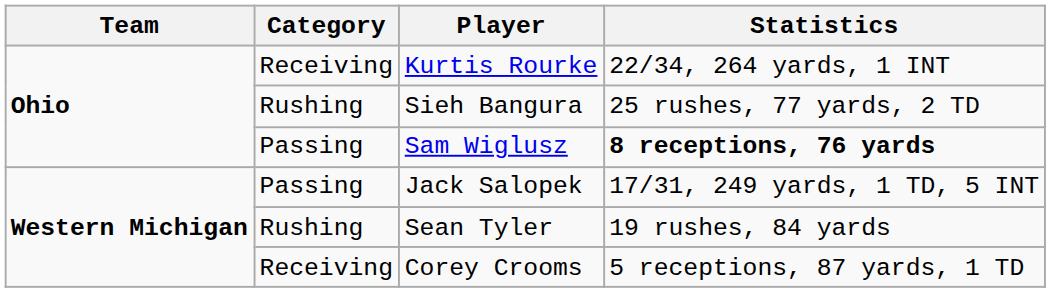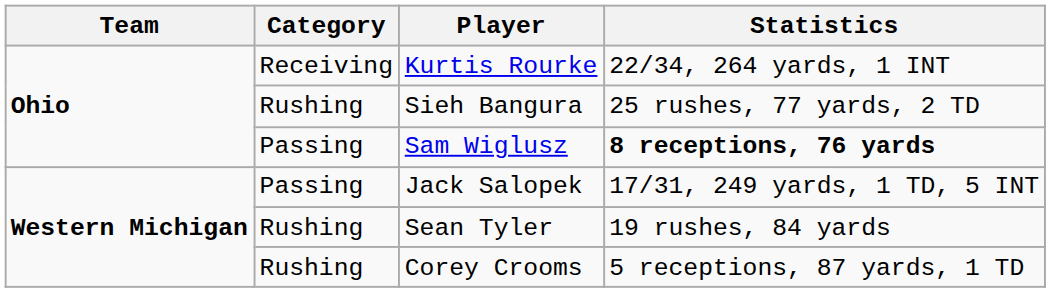 <table class="wikitable" style="float: right;">
 <tr>
 <th>Team</th>
 <th>Category</th>
 <th>Player</th>
 <th>Statistics</th>
 </tr>
 <tr>
 <td rowspan=3><strong>Ohio</strong></td>
 <td>Receiving</td>
 <td><a href='#'>Kurtis Rourke</a></td>
 <td>22/34, 264 yards, 1 INT</td>
 </tr>
 <tr>
 <td>Rushing</td>
 <td>Sieh Bangura</td>
 <td>25 rushes, 77 yards, 2 TD</td>
 </tr>
 <tr>
 <td>Passing</td>
 <td><a href='#'>Sam Wiglusz</a></td>
 <td><strong>8 receptions, 76 yards</strong></td>
 </tr>
 <tr>
 <td rowspan=3><strong>Western Michigan</strong></td>
 <td>Passing</td>
 <td>Jack Salopek</td>
 <td>17/31, 249 yards, 1 TD, 5 INT</td>
 </tr>
 <tr>
 <td>Rushing</td>
 <td>Sean Tyler</td>
 <td>19 rushes, 84 yards</td>
 </tr>
 <tr>
-<td>Receiving</td>
+<td>Rushing</td>
 <td>Corey Crooms</td>
 <td>5 receptions, 87 yards, 1 TD</td>
 </tr>
 </table>
